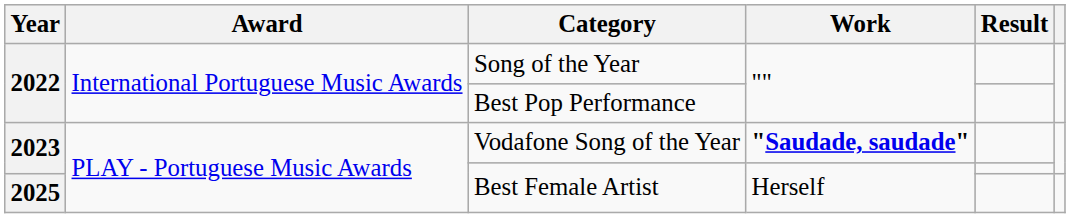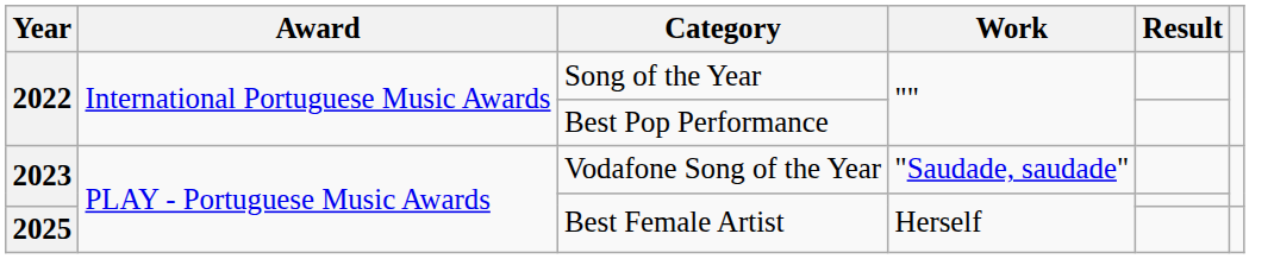 <table class="wikitable sortable plainrowheaders">
 <tr>
 <th scope="col">Year</th>
 <th scope="col">Award</th>
 <th scope="col">Category</th>
 <th scope="col">Work</th>
 <th scope="col">Result</th>
 <th scope="col" class="unsortable"></th>
 </tr>
 <tr>
 <th rowspan="2">2022</th>
 <td rowspan="2"><a href='#'>International Portuguese Music Awards</a></td>
 <td>Song of the Year</td>
 <td rowspan="2">""<br></td>
 <td></td>
 <td rowspan="2"></td>
 </tr>
 <tr>
 <td>Best Pop Performance</td>
 <td></td>
 </tr>
 <tr>
 <th rowspan="2">2023</th>
 <td rowspan="3"><a href='#'>PLAY - Portuguese Music Awards</a></td>
 <td>Vodafone Song of the Year</td>
-<td><strong>"<a href='#'>Saudade, saudade</a>"</strong></td>
+<td>"<a href='#'>Saudade, saudade</a>"</td>
 <td></td>
 <td rowspan="2"></td>
 </tr>
 <tr>
 <td rowspan="2">Best Female Artist</td>
 <td rowspan="2">Herself</td>
 <td></td>
 </tr>
 <tr>
 <th>2025</th>
 <td></td>
 <td></td>
 </tr>
 </table>
